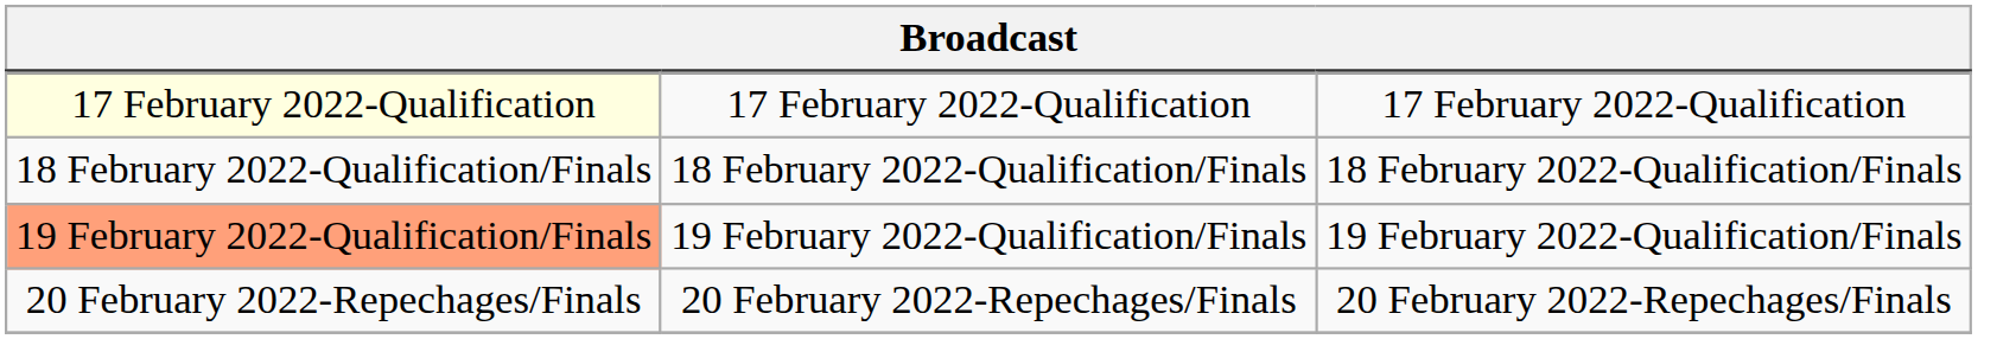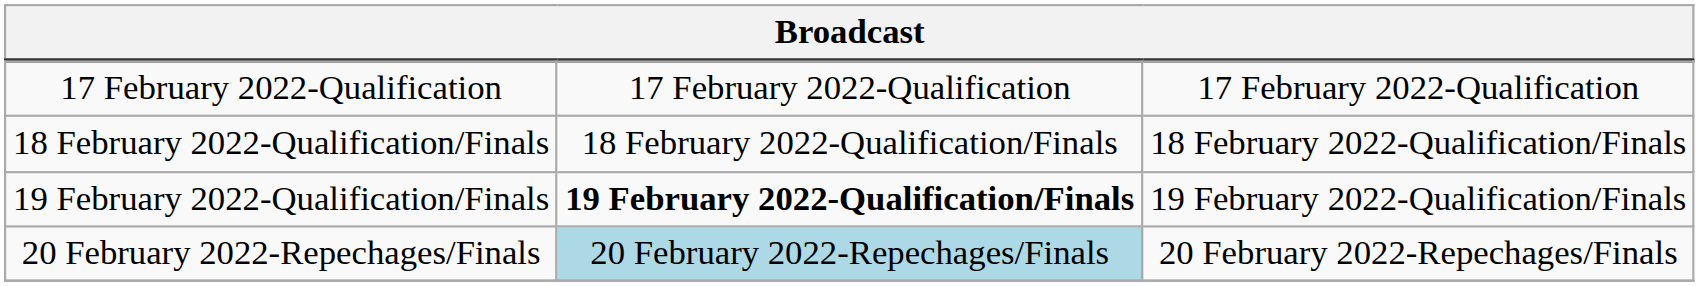 <table class=wikitable style="text-align:center;">
 <tr>
 <th colspan=3>Broadcast</th>
 </tr>
 <tr style="border-top: 2px solid #333333;">
 </tr>
 <tr>
-<td style="background: lightyellow;">17 February 2022-Qualification </td>
+<td>17 February 2022-Qualification </td>
 <td>17 February 2022-Qualification </td>
 <td>17 February 2022-Qualification </td>
 </tr>
 <tr>
 <td>18 February 2022-Qualification/Finals </td>
 <td>18 February 2022-Qualification/Finals </td>
 <td>18 February 2022-Qualification/Finals </td>
 </tr>
 <tr>
-<td style="background: lightsalmon;">19 February 2022-Qualification/Finals </td>
 <td>19 February 2022-Qualification/Finals </td>
+<td><strong>19 February 2022-Qualification/Finals </strong></td>
 <td>19 February 2022-Qualification/Finals </td>
 </tr>
 <tr>
 <td>20 February 2022-Repechages/Finals </td>
-<td>20 February 2022-Repechages/Finals </td>
+<td style="background: lightblue;">20 February 2022-Repechages/Finals </td>
 <td>20 February 2022-Repechages/Finals </td>
 </tr>
 <tr>
 </tr>
 </table>
